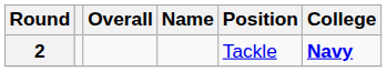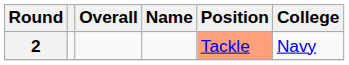 <table class="wikitable sortable" style="width: 50%;">
 <tr>
 <th scope="col" style="width: 10%;">Round</th>
 <th scope="col" style="width: 10%;"></th>
 <th scope="col" style="width: 10%;">Overall</th>
 <th scope="col" style="width: 25%;">Name</th>
 <th scope="col" style="width: 20%;">Position</th>
 <th scope="col" style="width: 25%;">College</th>
 </tr>
 <tr>
 <th scope="row">2</th>
 <td></td>
 <td></td>
 <td></td>
-<td><a href='#'>Tackle</a></td>
-<td><strong><a href='#'>Navy</a></strong></td>
+<td style="background: lightsalmon;"><a href='#'>Tackle</a></td>
+<td><a href='#'>Navy</a></td>
 </tr>
 <tr>
 </tr>
 </table>
